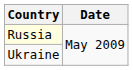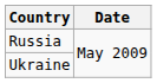 <table class="wikitable">
 <tr>
 <th>Country</th>
 <th>Date</th>
 </tr>
 <tr>
-<td style="background: lightyellow;">Russia</td>
+<td>Russia</td>
 <td rowspan="2">May 2009</td>
 </tr>
 <tr>
 <td>Ukraine</td>
 </tr>
 </table>
